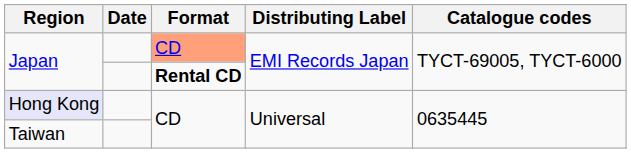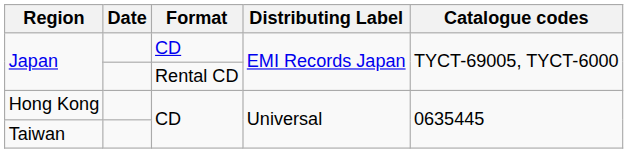 <table class="wikitable">
 <tr>
 <th>Region</th>
 <th>Date</th>
 <th>Format</th>
 <th>Distributing Label</th>
 <th>Catalogue codes</th>
 </tr>
 <tr>
 <td rowspan="2"><a href='#'>Japan</a></td>
 <td></td>
-<td style="background: lightsalmon;"><a href='#'>CD</a></td>
+<td><a href='#'>CD</a></td>
 <td rowspan="2"><a href='#'>EMI Records Japan</a></td>
 <td rowspan="2">TYCT-69005, TYCT-6000</td>
 </tr>
 <tr>
 <td></td>
-<td><strong>Rental CD</strong></td>
+<td>Rental CD</td>
 </tr>
 <tr>
-<td rowspan="1" style="background: lavender;">Hong Kong</td>
+<td rowspan="1">Hong Kong</td>
 <td></td>
 <td rowspan="2">CD</td>
 <td rowspan="2">Universal</td>
 <td rowspan="2">0635445</td>
 </tr>
 <tr>
 <td rowspan="1">Taiwan</td>
 <td></td>
 </tr>
 </table>
